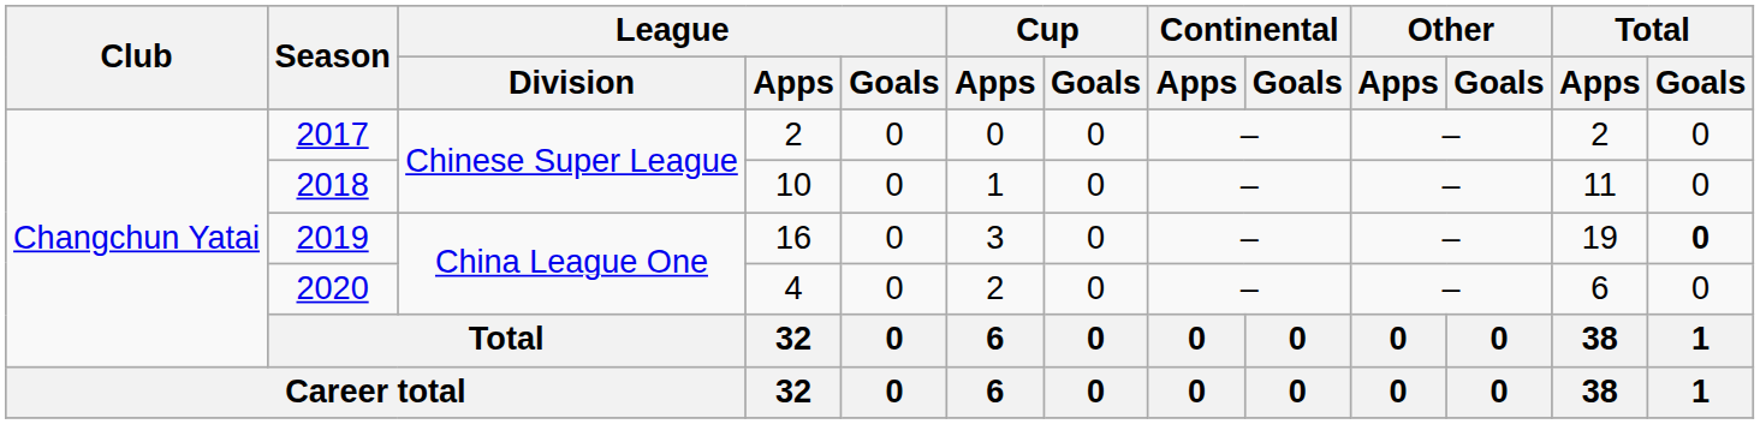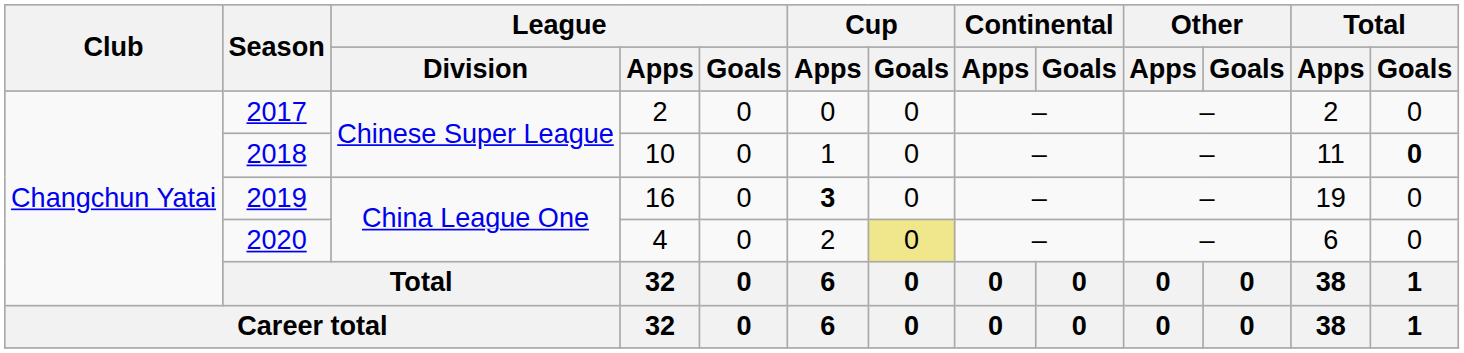 <table class="wikitable" style="text-align: center">
 <tr>
 <th rowspan="2">Club</th>
 <th rowspan="2">Season</th>
 <th colspan="3">League</th>
 <th colspan="2">Cup</th>
 <th colspan="2">Continental</th>
 <th colspan="2">Other</th>
 <th colspan="2">Total</th>
 </tr>
 <tr>
 <th>Division</th>
 <th>Apps</th>
 <th>Goals</th>
 <th>Apps</th>
 <th>Goals</th>
 <th>Apps</th>
 <th>Goals</th>
 <th>Apps</th>
 <th>Goals</th>
 <th>Apps</th>
 <th>Goals</th>
 </tr>
 <tr>
 <td rowspan="5"><a href='#'>Changchun Yatai</a></td>
 <td><a href='#'>2017</a></td>
 <td rowspan="2"><a href='#'>Chinese Super League</a></td>
 <td>2</td>
 <td>0</td>
 <td>0</td>
 <td>0</td>
 <td colspan="2">–</td>
 <td colspan="2">–</td>
 <td>2</td>
 <td>0</td>
 </tr>
 <tr>
 <td><a href='#'>2018</a></td>
 <td>10</td>
 <td>0</td>
 <td>1</td>
 <td>0</td>
 <td colspan="2">–</td>
 <td colspan="2">–</td>
 <td>11</td>
-<td>0</td>
+<td><strong>0</strong></td>
 </tr>
 <tr>
 <td><a href='#'>2019</a></td>
 <td rowspan="2"><a href='#'>China League One</a></td>
 <td>16</td>
 <td>0</td>
-<td>3</td>
+<td><strong>3</strong></td>
 <td>0</td>
 <td colspan="2">–</td>
 <td colspan="2">–</td>
 <td>19</td>
-<td><strong>0</strong></td>
+<td>0</td>
 </tr>
 <tr>
 <td><a href='#'>2020</a></td>
 <td>4</td>
 <td>0</td>
 <td>2</td>
-<td>0</td>
+<td style="background: khaki;">0</td>
 <td colspan="2">–</td>
 <td colspan="2">–</td>
 <td>6</td>
 <td>0</td>
 </tr>
 <tr>
 <th colspan="2">Total</th>
 <th>32</th>
 <th>0</th>
 <th>6</th>
 <th>0</th>
 <th>0</th>
 <th>0</th>
 <th>0</th>
 <th>0</th>
 <th>38</th>
 <th>1</th>
 </tr>
 <tr>
 <th colspan=3>Career total</th>
 <th>32</th>
 <th>0</th>
 <th>6</th>
 <th>0</th>
 <th>0</th>
 <th>0</th>
 <th>0</th>
 <th>0</th>
 <th>38</th>
 <th>1</th>
 </tr>
 </table>
